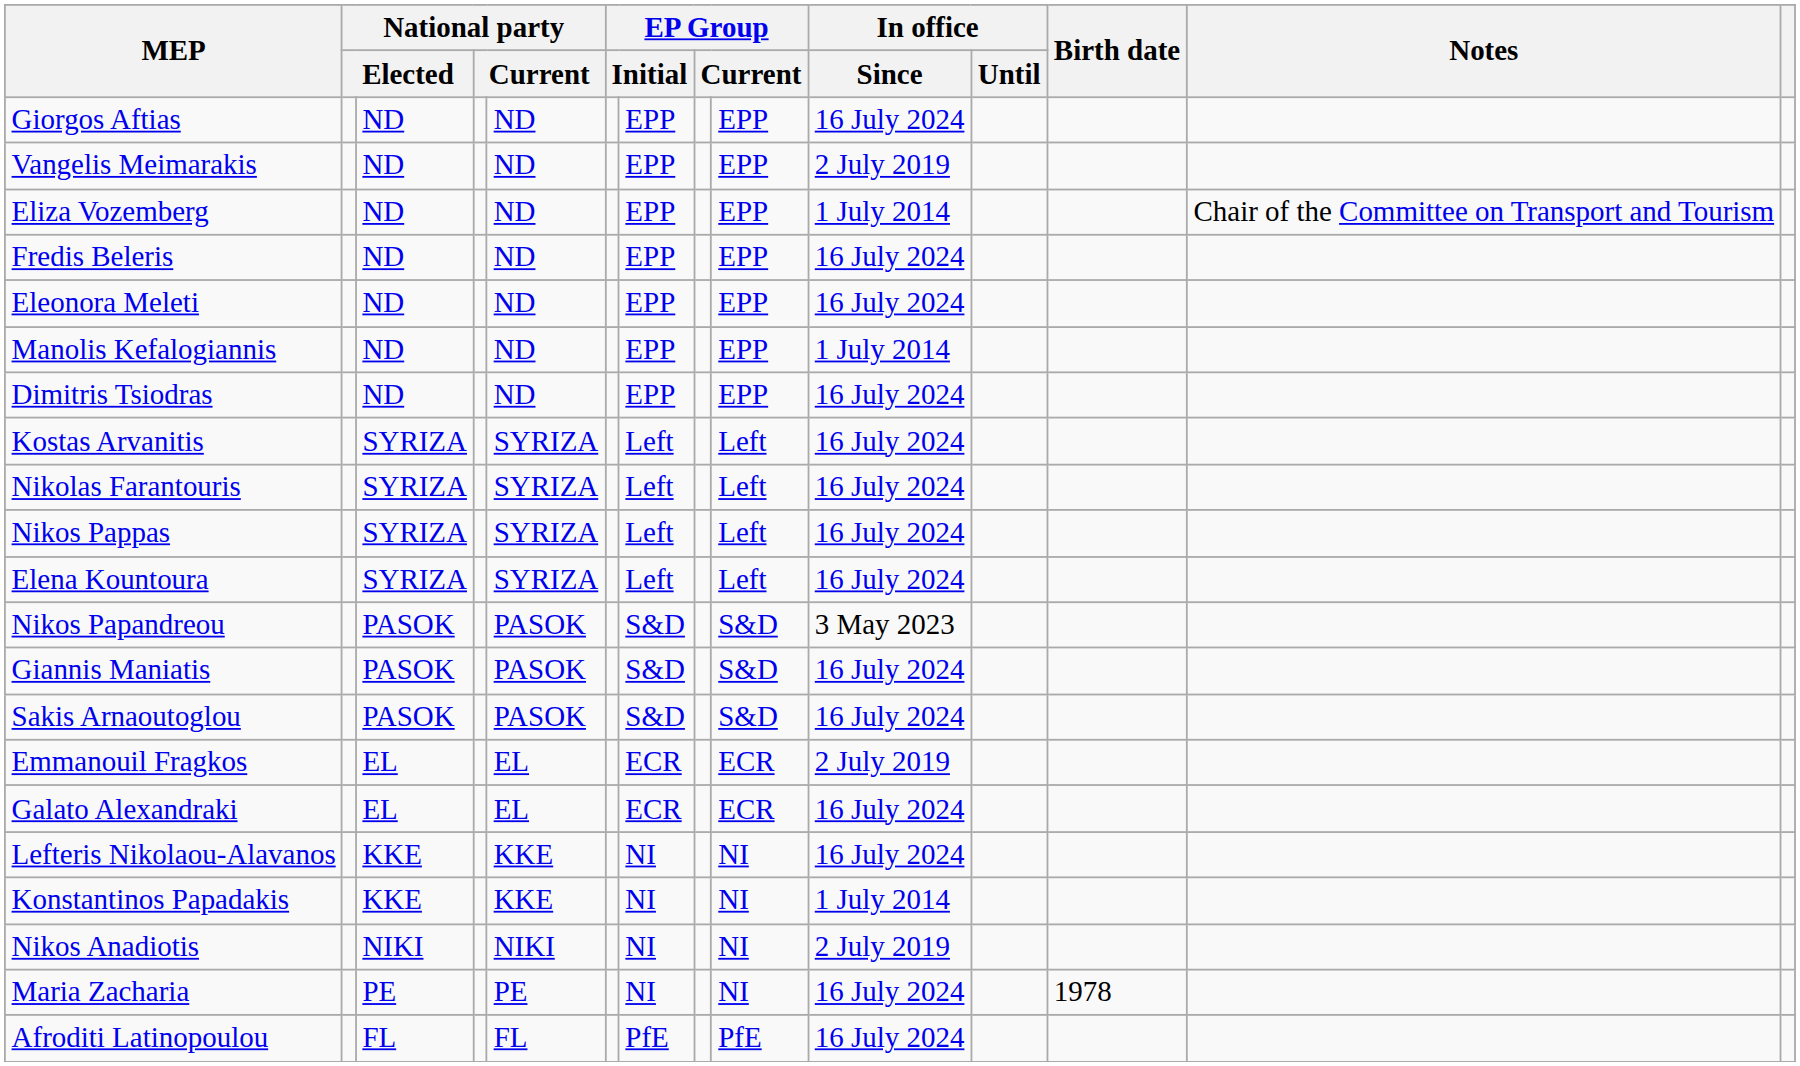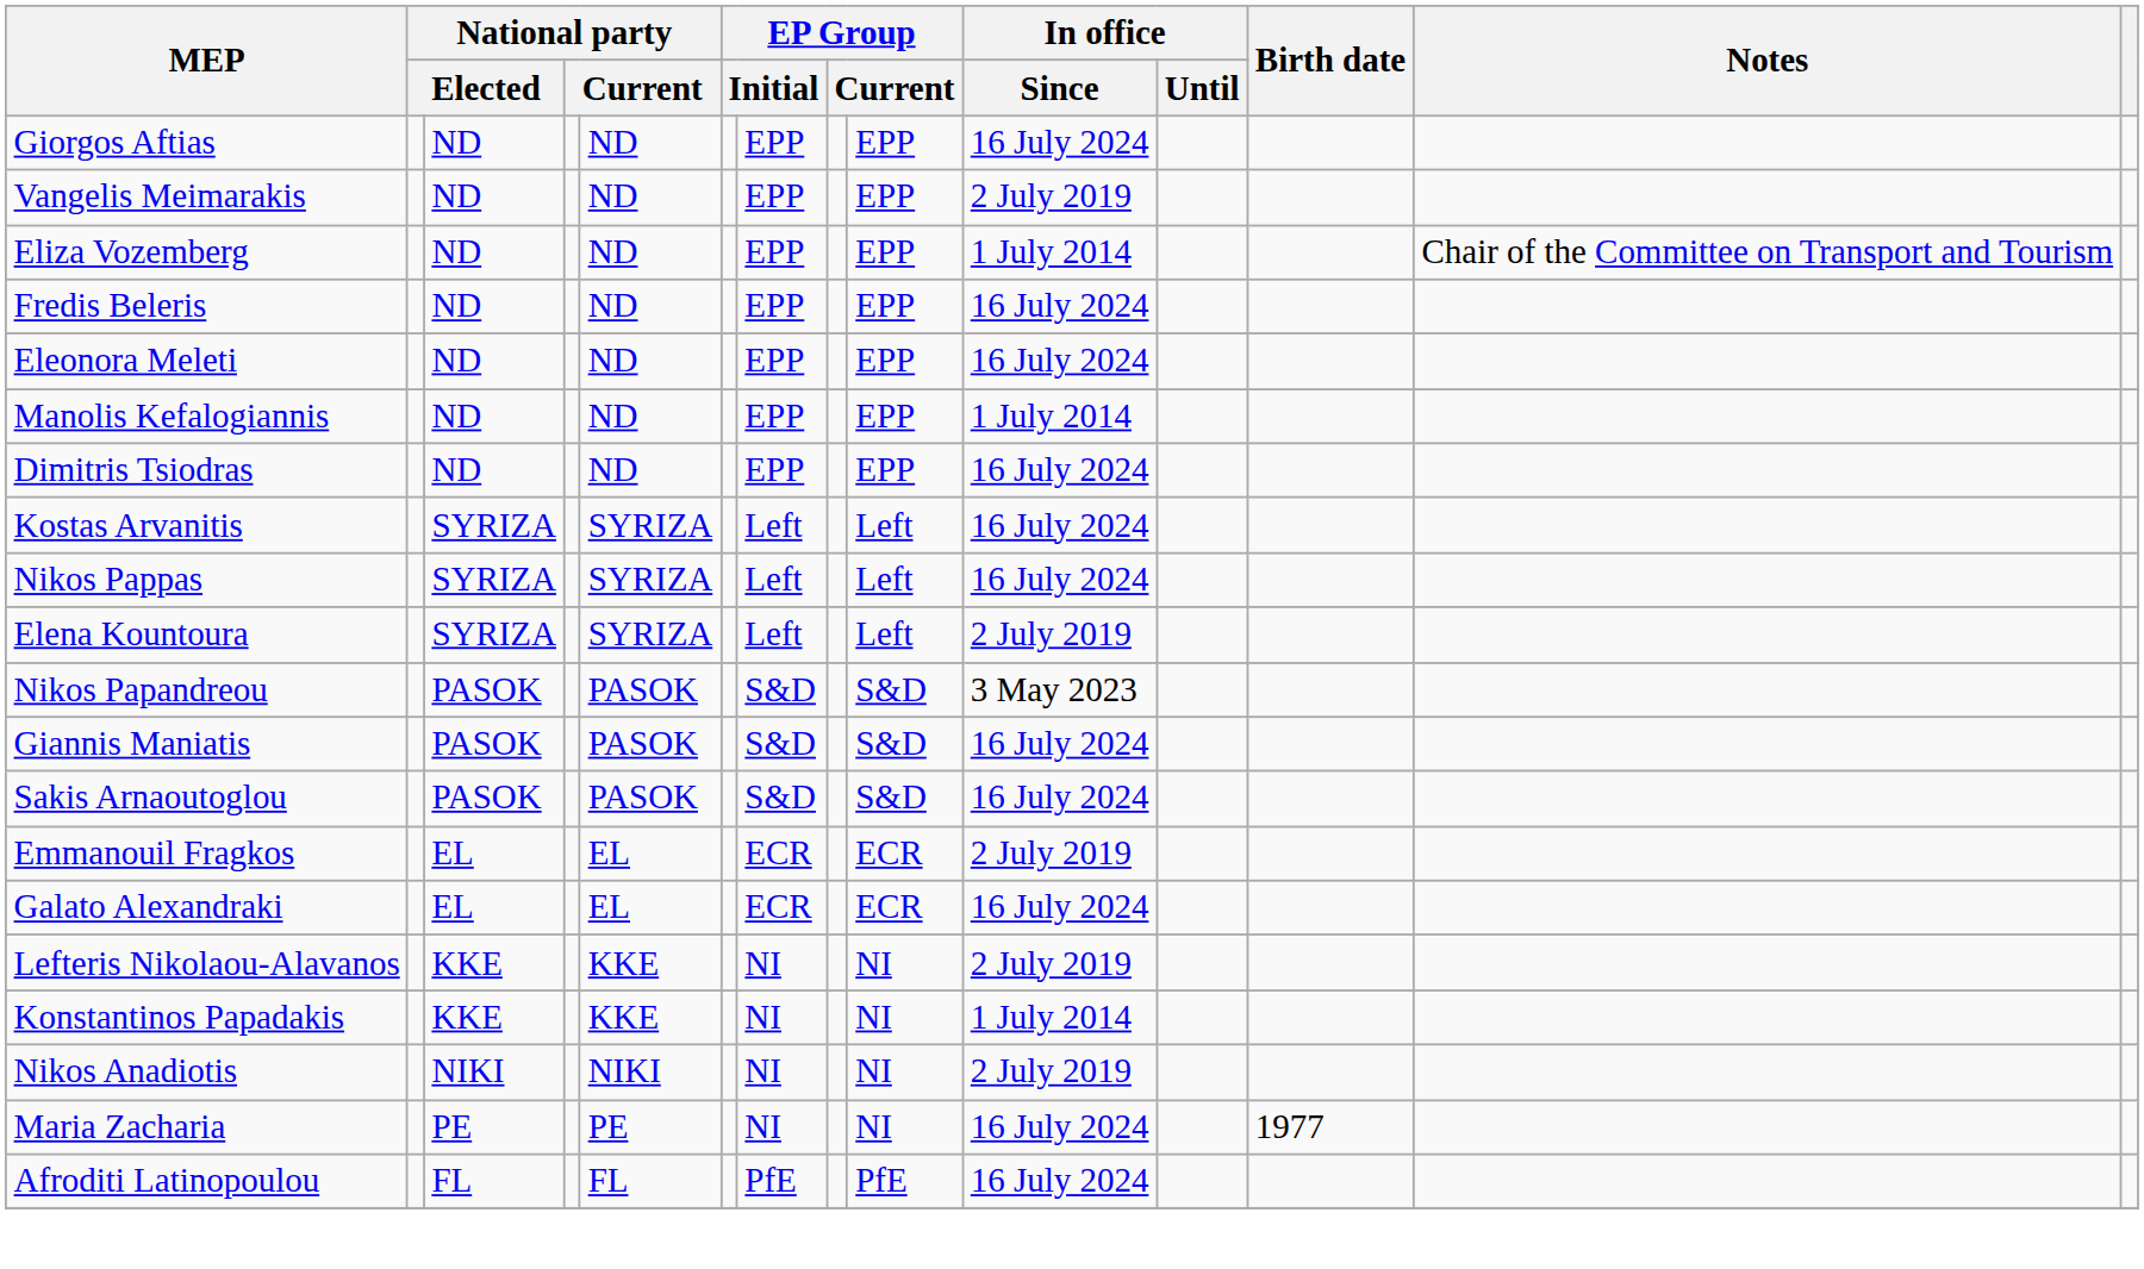 <table class="wikitable sortable" style="text-align:left">
 <tr>
 <th rowspan="2">MEP</th>
 <th colspan="4">National party</th>
 <th colspan="4"><a href='#'>EP Group</a></th>
 <th colspan="2">In office</th>
 <th rowspan="2">Birth date</th>
 <th rowspan="2">Notes</th>
 <th rowspan="2" class="unsortable"></th>
 </tr>
 <tr>
 <th colspan="2">Elected</th>
 <th colspan="2">Current</th>
 <th colspan="2">Initial</th>
 <th colspan="2">Current</th>
 <th>Since</th>
 <th>Until</th>
 </tr>
 <tr>
 <td><a href='#'>Giorgos Aftias</a></td>
 <td style="background: "></td>
 <td><a href='#'>ND</a></td>
 <td style="background: "></td>
 <td><a href='#'>ND</a></td>
 <td style="background: "></td>
 <td><a href='#'>EPP</a></td>
 <td style="background: "></td>
 <td><a href='#'>EPP</a></td>
 <td><a href='#'>16 July 2024</a></td>
 <td></td>
 <td></td>
 <td></td>
 <td></td>
 </tr>
 <tr>
 <td><a href='#'>Vangelis Meimarakis</a></td>
 <td style="background: "></td>
 <td><a href='#'>ND</a></td>
 <td style="background: "></td>
 <td><a href='#'>ND</a></td>
 <td style="background: "></td>
 <td><a href='#'>EPP</a></td>
 <td style="background: "></td>
 <td><a href='#'>EPP</a></td>
 <td><a href='#'>2 July 2019</a></td>
 <td></td>
 <td></td>
 <td></td>
 <td></td>
 </tr>
 <tr>
 <td><a href='#'>Eliza Vozemberg</a></td>
 <td style="background: "></td>
 <td><a href='#'>ND</a></td>
 <td style="background: "></td>
 <td><a href='#'>ND</a></td>
 <td style="background: "></td>
 <td><a href='#'>EPP</a></td>
 <td style="background: "></td>
 <td><a href='#'>EPP</a></td>
 <td><a href='#'>1 July 2014</a></td>
 <td></td>
 <td></td>
 <td>Chair of the <a href='#'>Committee on Transport and Tourism</a></td>
 <td></td>
 </tr>
 <tr>
 <td><a href='#'>Fredis Beleris</a></td>
 <td style="background: "></td>
 <td><a href='#'>ND</a></td>
 <td style="background: "></td>
 <td><a href='#'>ND</a></td>
 <td style="background: "></td>
 <td><a href='#'>EPP</a></td>
 <td style="background: "></td>
 <td><a href='#'>EPP</a></td>
 <td><a href='#'>16 July 2024</a></td>
 <td></td>
 <td></td>
 <td></td>
 <td></td>
 </tr>
 <tr>
 <td><a href='#'>Eleonora Meleti</a></td>
 <td style="background: "></td>
 <td><a href='#'>ND</a></td>
 <td style="background: "></td>
 <td><a href='#'>ND</a></td>
 <td style="background: "></td>
 <td><a href='#'>EPP</a></td>
 <td style="background: "></td>
 <td><a href='#'>EPP</a></td>
 <td><a href='#'>16 July 2024</a></td>
 <td></td>
 <td></td>
 <td></td>
 <td></td>
 </tr>
 <tr>
 <td><a href='#'>Manolis Kefalogiannis</a></td>
 <td style="background: "></td>
 <td><a href='#'>ND</a></td>
 <td style="background: "></td>
 <td><a href='#'>ND</a></td>
 <td style="background: "></td>
 <td><a href='#'>EPP</a></td>
 <td style="background: "></td>
 <td><a href='#'>EPP</a></td>
 <td><a href='#'>1 July 2014</a></td>
 <td></td>
 <td></td>
 <td></td>
 <td></td>
 </tr>
 <tr>
 <td><a href='#'>Dimitris Tsiodras</a></td>
 <td style="background: "></td>
 <td><a href='#'>ND</a></td>
 <td style="background: "></td>
 <td><a href='#'>ND</a></td>
 <td style="background: "></td>
 <td><a href='#'>EPP</a></td>
 <td style="background: "></td>
 <td><a href='#'>EPP</a></td>
 <td><a href='#'>16 July 2024</a></td>
 <td></td>
 <td></td>
 <td></td>
 <td></td>
 </tr>
 <tr>
 <td><a href='#'>Kostas Arvanitis</a></td>
 <td style="background: "></td>
 <td><a href='#'>SYRIZA</a></td>
 <td style="background: "></td>
 <td><a href='#'>SYRIZA</a></td>
 <td style="background: "></td>
 <td><a href='#'>Left</a></td>
 <td style="background: "></td>
 <td><a href='#'>Left</a></td>
 <td><a href='#'>16 July 2024</a></td>
 <td></td>
 <td></td>
 <td></td>
 <td></td>
 </tr>
 <tr>
-<td><a href='#'>Nikolas Farantouris</a></td>
-<td style="background: "></td>
-<td><a href='#'>SYRIZA</a></td>
-<td style="background: "></td>
-<td><a href='#'>SYRIZA</a></td>
-<td style="background: "></td>
-<td><a href='#'>Left</a></td>
-<td style="background: "></td>
-<td><a href='#'>Left</a></td>
-<td><a href='#'>16 July 2024</a></td>
-<td></td>
-<td></td>
-<td></td>
-<td></td>
-</tr>
-<tr>
 <td><a href='#'>Nikos Pappas</a> </td>
 <td style="background: "></td>
 <td><a href='#'>SYRIZA</a></td>
 <td style="background: "></td>
 <td><a href='#'>SYRIZA</a></td>
 <td style="background: "></td>
 <td><a href='#'>Left</a></td>
 <td style="background: "></td>
 <td><a href='#'>Left</a></td>
 <td><a href='#'>16 July 2024</a></td>
 <td></td>
 <td></td>
 <td></td>
 <td></td>
 </tr>
 <tr>
 <td><a href='#'>Elena Kountoura</a></td>
 <td style="background: "></td>
 <td><a href='#'>SYRIZA</a></td>
 <td style="background: "></td>
 <td><a href='#'>SYRIZA</a></td>
 <td style="background: "></td>
 <td><a href='#'>Left</a></td>
 <td style="background: "></td>
 <td><a href='#'>Left</a></td>
-<td><a href='#'>16 July 2024</a></td>
+<td><a href='#'>2 July 2019</a></td>
 <td></td>
 <td></td>
 <td></td>
 <td></td>
 </tr>
 <tr>
 <td><a href='#'>Nikos Papandreou</a></td>
 <td style="background: "></td>
 <td><a href='#'>PASOK</a></td>
 <td style="background: "></td>
 <td><a href='#'>PASOK</a></td>
 <td style="background: "></td>
 <td><a href='#'>S&D</a></td>
 <td style="background: "></td>
 <td><a href='#'>S&D</a></td>
 <td>3 May 2023</td>
 <td></td>
 <td></td>
 <td></td>
 <td></td>
 </tr>
 <tr>
 <td><a href='#'>Giannis Maniatis</a></td>
 <td style="background: "></td>
 <td><a href='#'>PASOK</a></td>
 <td style="background: "></td>
 <td><a href='#'>PASOK</a></td>
 <td style="background: "></td>
 <td><a href='#'>S&D</a></td>
 <td style="background: "></td>
 <td><a href='#'>S&D</a></td>
 <td><a href='#'>16 July 2024</a></td>
 <td></td>
 <td></td>
 <td></td>
 <td></td>
 </tr>
 <tr>
 <td><a href='#'>Sakis Arnaoutoglou</a></td>
 <td style="background: "></td>
 <td><a href='#'>PASOK</a></td>
 <td style="background: "></td>
 <td><a href='#'>PASOK</a></td>
 <td style="background: "></td>
 <td><a href='#'>S&D</a></td>
 <td style="background: "></td>
 <td><a href='#'>S&D</a></td>
 <td><a href='#'>16 July 2024</a></td>
 <td></td>
 <td></td>
 <td></td>
 <td></td>
 </tr>
 <tr>
 <td><a href='#'>Emmanouil Fragkos</a></td>
 <td style="background: "></td>
 <td><a href='#'>EL</a></td>
 <td style="background: "></td>
 <td><a href='#'>EL</a></td>
 <td style="background: "></td>
 <td><a href='#'>ECR</a></td>
 <td style="background: "></td>
 <td><a href='#'>ECR</a></td>
 <td><a href='#'>2 July 2019</a></td>
 <td></td>
 <td></td>
 <td></td>
 <td></td>
 </tr>
 <tr>
 <td><a href='#'>Galato Alexandraki</a></td>
 <td style="background: "></td>
 <td><a href='#'>EL</a></td>
 <td style="background: "></td>
 <td><a href='#'>EL</a></td>
 <td style="background: "></td>
 <td><a href='#'>ECR</a></td>
 <td style="background: "></td>
 <td><a href='#'>ECR</a></td>
 <td><a href='#'>16 July 2024</a></td>
 <td></td>
 <td></td>
 <td></td>
 <td></td>
 </tr>
 <tr>
 <td><a href='#'>Lefteris Nikolaou-Alavanos</a></td>
 <td style="background: "></td>
 <td><a href='#'>KKE</a></td>
 <td style="background: "></td>
 <td><a href='#'>KKE</a></td>
 <td style="background: "></td>
 <td><a href='#'>NI</a></td>
 <td style="background: "></td>
 <td><a href='#'>NI</a></td>
-<td><a href='#'>16 July 2024</a></td>
+<td><a href='#'>2 July 2019</a></td>
 <td></td>
 <td></td>
 <td></td>
 <td></td>
 </tr>
 <tr>
 <td><a href='#'>Konstantinos Papadakis</a></td>
 <td style="background: "></td>
 <td><a href='#'>KKE</a></td>
 <td style="background: "></td>
 <td><a href='#'>KKE</a></td>
 <td style="background: "></td>
 <td><a href='#'>NI</a></td>
 <td style="background: "></td>
 <td><a href='#'>NI</a></td>
 <td><a href='#'>1 July 2014</a></td>
 <td></td>
 <td></td>
 <td></td>
 <td></td>
 </tr>
 <tr>
 <td><a href='#'>Nikos Anadiotis</a></td>
 <td style="background: "></td>
 <td><a href='#'>NIKI</a></td>
 <td style="background: "></td>
 <td><a href='#'>NIKI</a></td>
 <td style="background: "></td>
 <td><a href='#'>NI</a></td>
 <td style="background: "></td>
 <td><a href='#'>NI</a></td>
 <td><a href='#'>2 July 2019</a></td>
 <td></td>
 <td></td>
 <td></td>
 <td></td>
 </tr>
 <tr>
 <td><a href='#'>Maria Zacharia</a></td>
 <td style="background: "></td>
 <td><a href='#'>PE</a></td>
 <td style="background: "></td>
 <td><a href='#'>PE</a></td>
 <td style="background: "></td>
 <td><a href='#'>NI</a></td>
 <td style="background: "></td>
 <td><a href='#'>NI</a></td>
 <td><a href='#'>16 July 2024</a></td>
 <td></td>
-<td>1978</td>
+<td>1977</td>
 <td></td>
 <td></td>
 </tr>
 <tr>
 <td><a href='#'>Afroditi Latinopoulou</a></td>
 <td style="background: "></td>
 <td><a href='#'>FL</a></td>
 <td style="background: "></td>
 <td><a href='#'>FL</a></td>
 <td style="background: "></td>
 <td><a href='#'>PfE</a></td>
 <td style="background: "></td>
 <td><a href='#'>PfE</a></td>
 <td><a href='#'>16 July 2024</a></td>
 <td></td>
 <td></td>
 <td></td>
 <td></td>
 </tr>
 <tr>
 </tr>
 </table>
